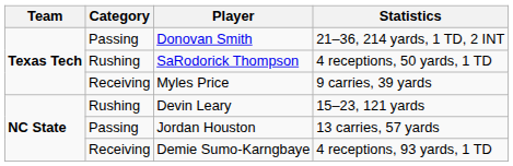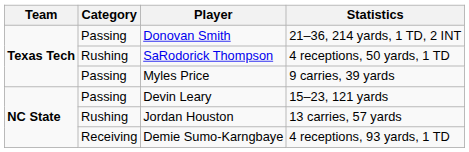 <table class="wikitable" style="float: left;">
 <tr>
 <th>Team</th>
 <th>Category</th>
 <th>Player</th>
 <th>Statistics</th>
 </tr>
 <tr>
 <td rowspan=3><strong>Texas Tech</strong></td>
 <td>Passing</td>
 <td><a href='#'>Donovan Smith</a></td>
 <td>21–36, 214 yards, 1 TD, 2 INT</td>
 </tr>
 <tr>
 <td>Rushing</td>
 <td><a href='#'>SaRodorick Thompson</a></td>
 <td>4 receptions, 50 yards, 1 TD</td>
 </tr>
 <tr>
-<td>Receiving</td>
+<td>Passing</td>
 <td>Myles Price</td>
 <td>9 carries, 39 yards</td>
 </tr>
 <tr>
 <td rowspan=3><strong>NC State</strong></td>
-<td>Rushing</td>
+<td>Passing</td>
 <td>Devin Leary</td>
 <td>15–23, 121 yards</td>
 </tr>
 <tr>
-<td>Passing</td>
+<td>Rushing</td>
 <td>Jordan Houston</td>
 <td>13 carries, 57 yards</td>
 </tr>
 <tr>
 <td>Receiving</td>
 <td>Demie Sumo-Karngbaye</td>
 <td>4 receptions, 93 yards, 1 TD</td>
 </tr>
 </table>
